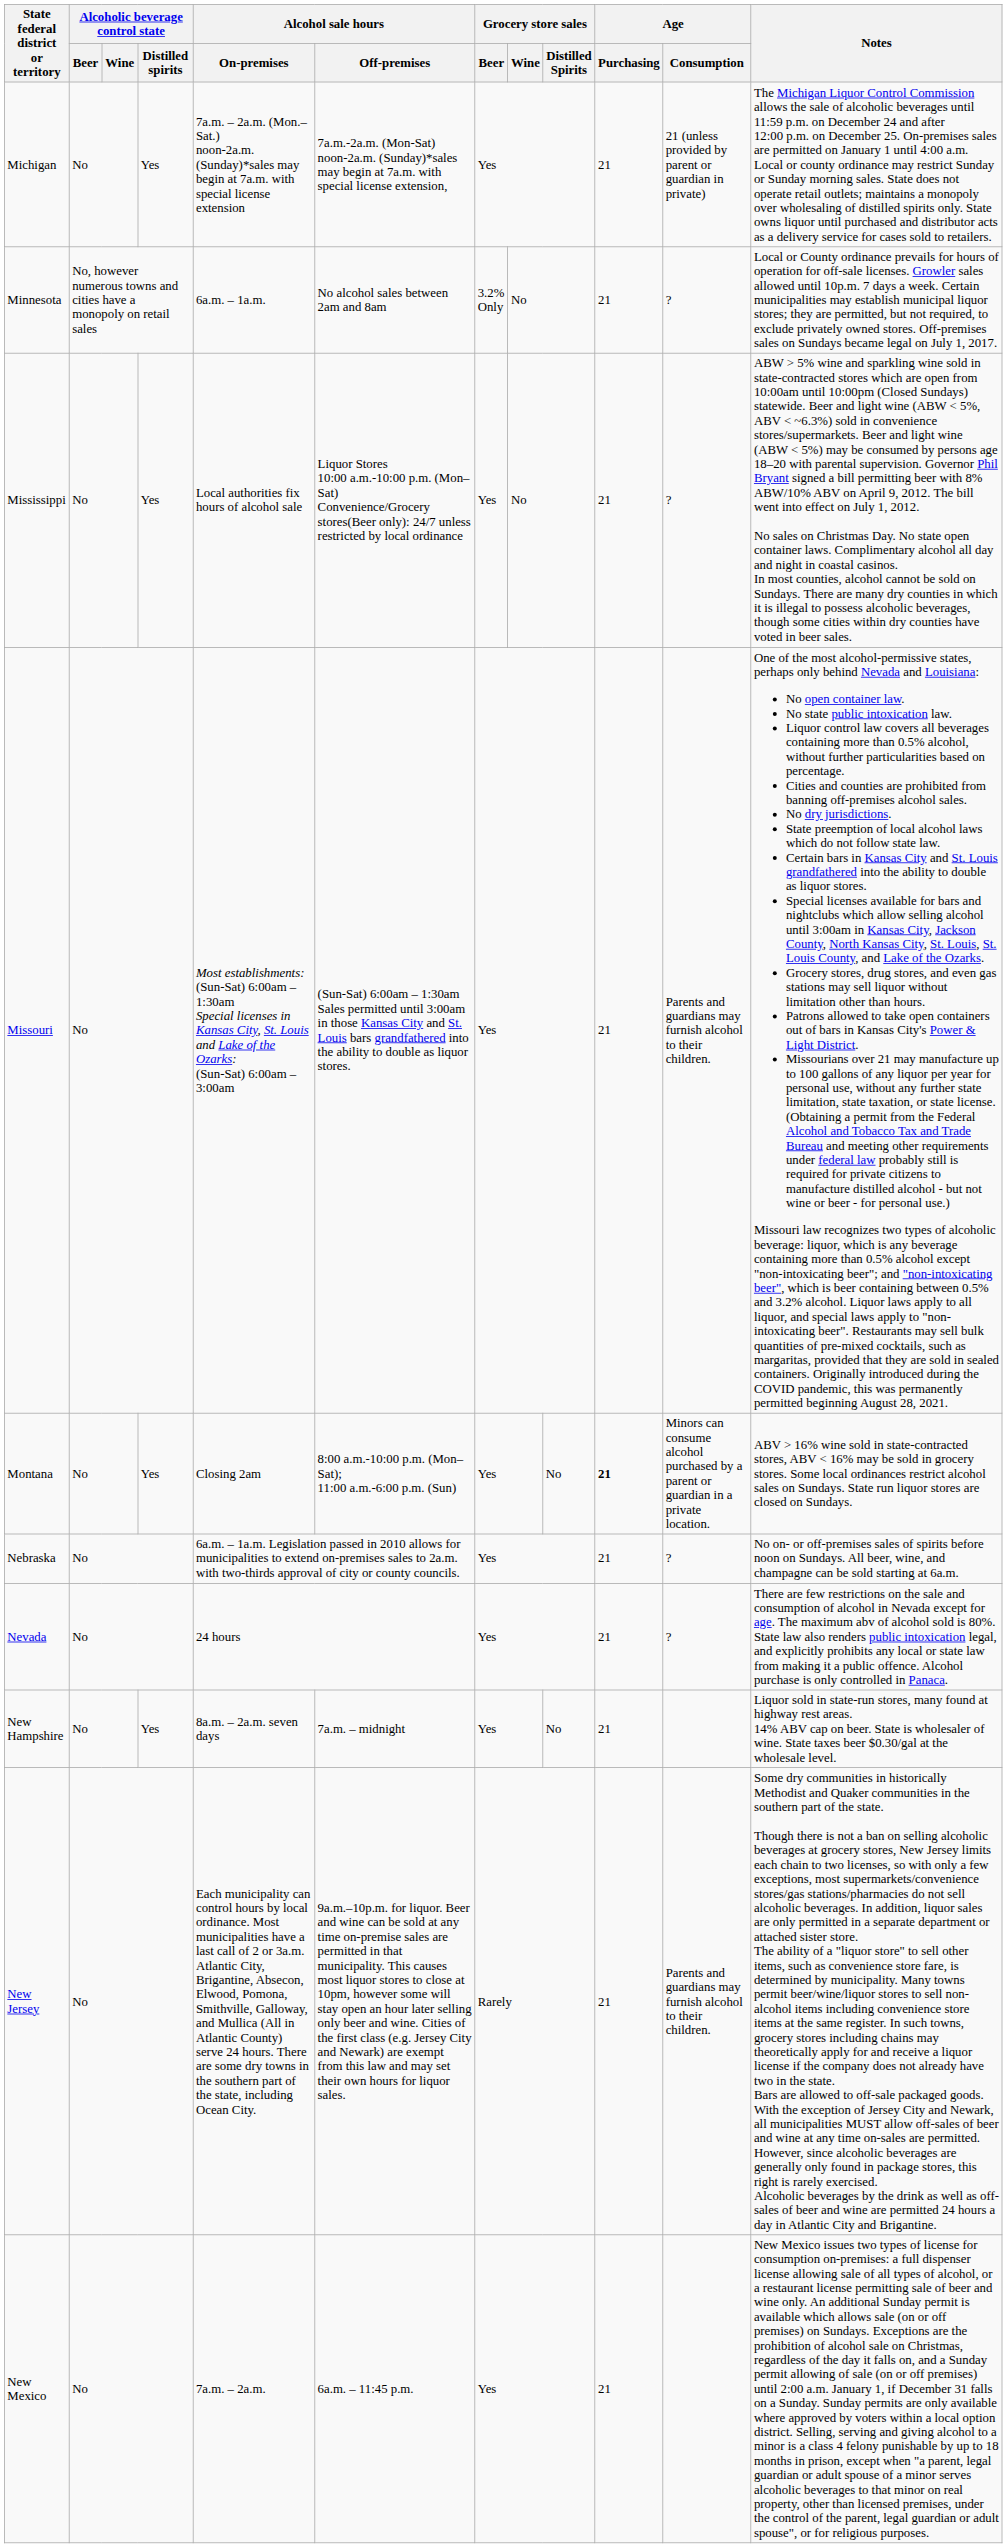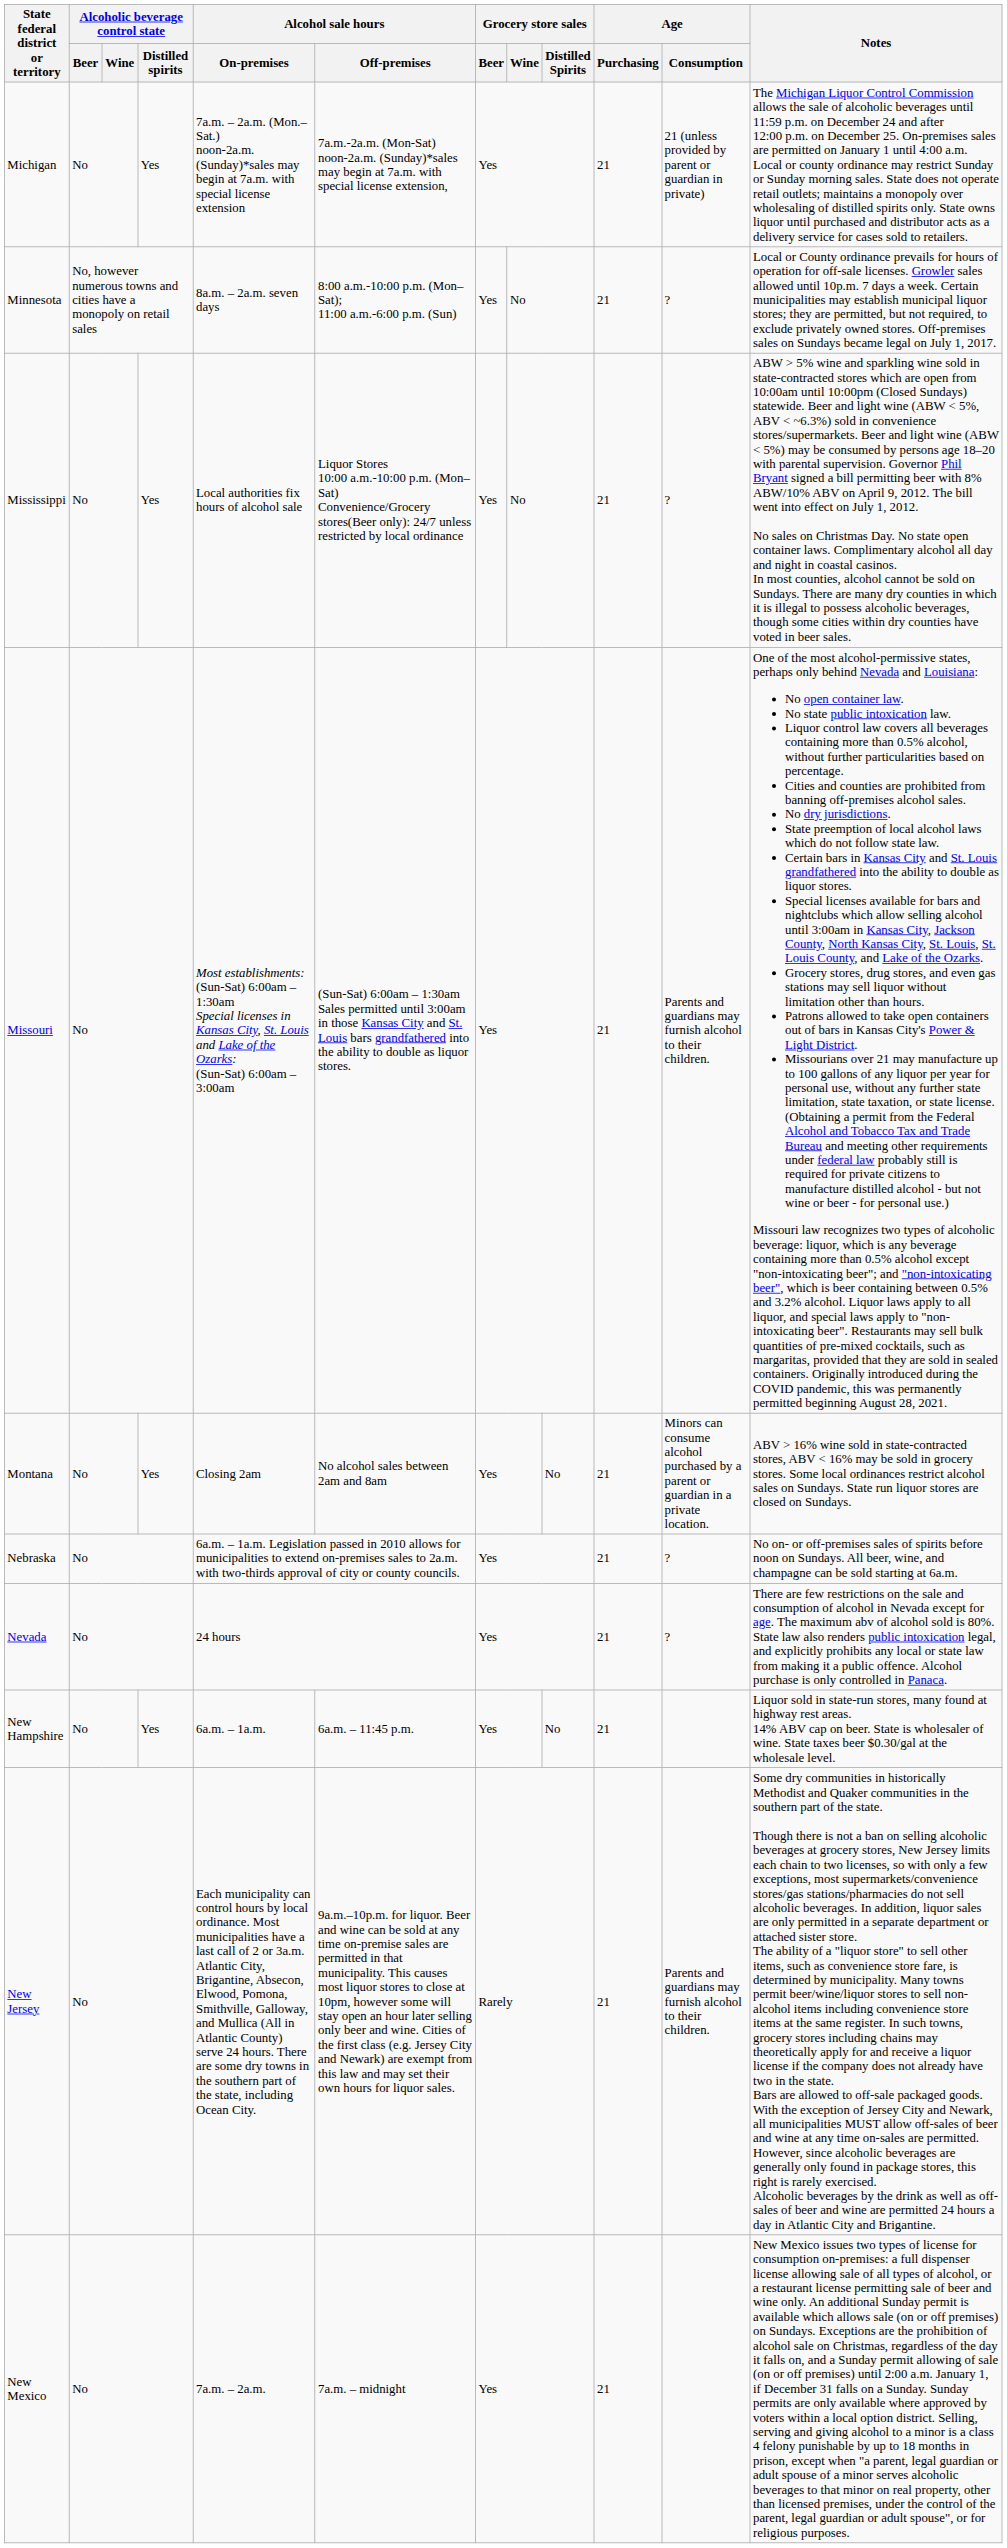 <table class="wikitable sortable sticky-header-multi sort-under">
 <tr>
 <th rowspan="2">State<br>federal district<br> or territory</th>
 <th colspan="3"><a href='#'>Alcoholic beverage control state</a></th>
 <th colspan="2">Alcohol sale hours</th>
 <th colspan="3">Grocery store sales</th>
 <th colspan="2">Age</th>
 <th rowspan="2" class="unsortable">Notes</th>
 </tr>
 <tr>
 <th>Beer</th>
 <th>Wine</th>
 <th>Distilled spirits</th>
 <th>On-premises</th>
 <th>Off-premises</th>
 <th>Beer</th>
 <th>Wine</th>
 <th>Distilled Spirits</th>
 <th>Purchasing</th>
 <th>Consumption</th>
 </tr>
 <tr>
 <td>Michigan</td>
 <td colspan="2">No</td>
 <td>Yes</td>
 <td>7a.m. – 2a.m. (Mon.–Sat.)<br>noon-2a.m. (Sunday)*sales may begin at 7a.m. with special license extension</td>
 <td>7a.m.-2a.m. (Mon-Sat)<br>noon-2a.m. (Sunday)*sales may begin at 7a.m. with special license extension,<br></td>
 <td colspan="3">Yes</td>
 <td>21</td>
 <td>21 (unless provided by parent or guardian in private)</td>
 <td>The <a href='#'>Michigan Liquor Control Commission</a> allows the sale of alcoholic beverages until 11:59 p.m. on December 24 and after 12:00 p.m. on December 25. On-premises sales are permitted on January 1 until 4:00 a.m. Local or county ordinance may restrict Sunday or Sunday morning sales. State does not operate retail outlets; maintains a monopoly over wholesaling of distilled spirits only. State owns liquor until purchased and distributor acts as a delivery service for cases sold to retailers.</td>
 </tr>
 <tr>
 <td>Minnesota</td>
 <td colspan="3">No, however numerous towns and cities have a monopoly on retail sales</td>
-<td>6a.m. – 1a.m.</td>
-<td>No alcohol sales between 2am and 8am</td>
-<td>3.2% Only</td>
+<td>8a.m. – 2a.m. seven days</td>
+<td>8:00 a.m.-10:00 p.m. (Mon–Sat);<br>11:00 a.m.-6:00 p.m. (Sun)</td>
+<td>Yes</td>
 <td colspan="2">No</td>
 <td>21</td>
 <td>?</td>
 <td>Local or County ordinance prevails for hours of operation for off-sale licenses. <a href='#'>Growler</a> sales allowed until 10p.m. 7 days a week. Certain municipalities may establish municipal liquor stores; they are permitted, but not required, to exclude privately owned stores. Off-premises sales on Sundays became legal on July 1, 2017.</td>
 </tr>
 <tr>
 <td>Mississippi</td>
 <td colspan="2">No</td>
 <td>Yes</td>
 <td>Local authorities fix hours of alcohol sale</td>
 <td>Liquor Stores 10:00 a.m.-10:00 p.m. (Mon–Sat)<br>Convenience/Grocery stores(Beer only): 24/7 unless restricted by local ordinance </td>
 <td>Yes</td>
 <td colspan="2">No</td>
 <td>21</td>
 <td>?</td>
 <td>ABW > 5% wine and sparkling wine sold in state-contracted stores which are open from 10:00am until 10:00pm (Closed Sundays) statewide. Beer and light wine (ABW < 5%, ABV < ~6.3%) sold in convenience stores/supermarkets. Beer and light wine (ABW < 5%) may be consumed by persons age 18–20 with parental supervision. Governor <a href='#'>Phil Bryant</a> signed a bill permitting beer with 8% ABW/10% ABV on April 9, 2012.  The bill went into effect on July 1, 2012.<br><br>No sales on Christmas Day. No state open container laws. Complimentary alcohol  all day and night in coastal casinos.<br>In most counties, alcohol cannot be sold on Sundays. There are many dry counties in which it is illegal to possess alcoholic beverages, though some cities within dry counties have voted in beer sales.</td>
 </tr>
 <tr>
 <td><a href='#'>Missouri</a></td>
 <td colspan="3">No</td>
 <td><em>Most establishments:</em><br>(Sun-Sat) 6:00am – 1:30am<br><em>Special licenses in <a href='#'>Kansas City</a>, <a href='#'>St. Louis</a> and <a href='#'>Lake of the Ozarks</a>:</em><br>(Sun-Sat) 6:00am – 3:00am </td>
 <td>(Sun-Sat) 6:00am – 1:30am <br>Sales permitted until 3:00am in those <a href='#'>Kansas City</a> and <a href='#'>St. Louis</a> bars <a href='#'>grandfathered</a> into the ability to double as liquor stores.</td>
 <td colspan="3">Yes</td>
 <td>21</td>
 <td>Parents and guardians may furnish alcohol to their children.</td>
 <td>One of the most alcohol-permissive states, perhaps only behind <a href='#'>Nevada</a> and <a href='#'>Louisiana</a>:<br><ul><li>No <a href='#'>open container law</a>.</li><li>No state <a href='#'>public intoxication</a> law.</li><li>Liquor control law covers all beverages containing more than 0.5% alcohol, without further particularities based on percentage.</li><li>Cities and counties are prohibited from banning off-premises alcohol sales.</li><li>No <a href='#'>dry jurisdictions</a>.</li><li>State preemption of local alcohol laws which do not follow state law.</li><li>Certain bars in <a href='#'>Kansas City</a> and <a href='#'>St. Louis</a> <a href='#'>grandfathered</a> into the ability to double as liquor stores.</li><li>Special licenses available for bars and nightclubs which allow selling alcohol until 3:00am in <a href='#'>Kansas City</a>, <a href='#'>Jackson County</a>, <a href='#'>North Kansas City</a>, <a href='#'>St. Louis</a>, <a href='#'>St. Louis County</a>, and <a href='#'>Lake of the Ozarks</a>.</li><li>Grocery stores, drug stores, and even gas stations may sell liquor without limitation other than hours.</li><li>Patrons allowed to take open containers out of bars in Kansas City's <a href='#'>Power & Light District</a>.</li><li>Missourians over 21 may manufacture up to 100 gallons of any liquor per year for personal use, without any further state limitation, state taxation, or state license. (Obtaining a permit from the Federal <a href='#'>Alcohol and Tobacco Tax and Trade Bureau</a> and meeting other requirements under <a href='#'>federal law</a> probably still is required for private citizens to manufacture distilled alcohol - but not wine or beer - for personal use.)</li></ul>Missouri law recognizes two types of alcoholic beverage: liquor, which is any beverage containing more than 0.5% alcohol except "non-intoxicating beer"; and <a href='#'>"non-intoxicating beer"</a>, which is beer containing between 0.5% and 3.2% alcohol.  Liquor laws apply to all liquor, and special laws apply to "non-intoxicating beer". Restaurants may sell bulk quantities of pre-mixed cocktails, such as margaritas, provided that they are sold in sealed containers. Originally introduced during the COVID pandemic, this was permanently permitted beginning August 28, 2021.</td>
 </tr>
 <tr>
 <td>Montana</td>
 <td colspan="2">No</td>
 <td>Yes</td>
 <td>Closing 2am</td>
-<td>8:00 a.m.-10:00 p.m. (Mon–Sat);<br>11:00 a.m.-6:00 p.m. (Sun)</td>
+<td>No alcohol sales between 2am and 8am</td>
 <td colspan="2">Yes</td>
 <td>No</td>
-<td><strong>21</strong></td>
+<td>21</td>
 <td>Minors can consume alcohol purchased by a parent or guardian in a private location.</td>
 <td>ABV > 16% wine sold in state-contracted stores, ABV < 16% may be sold in grocery stores. Some local ordinances restrict alcohol sales on Sundays. State run liquor stores are closed on Sundays.</td>
 </tr>
 <tr>
 <td>Nebraska</td>
 <td colspan="3">No</td>
 <td colspan="2">6a.m. – 1a.m.  Legislation passed in 2010 allows for municipalities to extend on-premises sales to 2a.m. with two-thirds approval of city or county councils.</td>
 <td colspan="3">Yes</td>
 <td>21</td>
 <td>?</td>
 <td>No on- or off-premises sales of spirits before noon on Sundays. All beer, wine, and champagne can be sold starting at 6a.m.</td>
 </tr>
 <tr>
 <td><a href='#'>Nevada</a></td>
 <td colspan="3">No</td>
 <td colspan="2">24 hours</td>
 <td colspan="3">Yes</td>
 <td>21</td>
 <td>?</td>
 <td>There are few restrictions on the sale and consumption of alcohol in Nevada except for <a href='#'>age</a>. The maximum abv of alcohol sold is 80%.<br>State law also renders <a href='#'>public intoxication</a> legal, and explicitly prohibits any local or state law from making it a public offence. Alcohol purchase is only controlled in <a href='#'>Panaca</a>.</td>
 </tr>
 <tr>
 <td>New Hampshire</td>
 <td colspan="2">No</td>
 <td>Yes</td>
-<td>8a.m. – 2a.m. seven days</td>
-<td>7a.m. – midnight</td>
+<td>6a.m. – 1a.m.</td>
+<td>6a.m. – 11:45 p.m.</td>
 <td colspan="2">Yes</td>
 <td>No</td>
 <td>21</td>
 <td></td>
 <td>Liquor sold in state-run stores, many found at highway rest areas.<br>14% ABV cap on beer.  State is wholesaler of wine. State taxes beer $0.30/gal at the wholesale level.</td>
 </tr>
 <tr>
 <td><a href='#'>New Jersey</a></td>
 <td colspan="3">No</td>
 <td>Each municipality can control hours by local ordinance.  Most municipalities have a last call of 2 or 3a.m. Atlantic City, Brigantine, Absecon, Elwood, Pomona, Smithville, Galloway, and Mullica (All in Atlantic County) serve 24 hours. There are some dry towns in the southern part of the state, including Ocean City.</td>
 <td>9a.m.–10p.m. for liquor. Beer and wine can be sold at any time  on-premise sales are permitted in that municipality. This causes most liquor stores to close at 10pm, however some will stay open an hour later selling only beer and wine. Cities of the first class (e.g. Jersey City and Newark) are exempt from this law and may set their own hours for liquor sales.</td>
 <td colspan="3">Rarely</td>
 <td>21</td>
 <td>Parents and guardians may furnish alcohol to their children.</td>
 <td>Some dry communities in historically Methodist and Quaker communities in the southern part of the state.<br><br>Though there is not a ban on selling alcoholic beverages at grocery stores,  New Jersey limits each chain to two licenses, so with only a few exceptions, most supermarkets/convenience stores/gas stations/pharmacies do not sell alcoholic beverages. In addition, liquor sales are only permitted in a separate department or attached sister store.<br> The ability of a "liquor store" to sell other items, such as convenience store fare, is determined by municipality. Many towns permit beer/wine/liquor stores to sell non-alcohol items including convenience store items at the same register. In such towns, grocery stores including chains may theoretically apply for and receive a liquor license if the company does not already have two in the state.<br> Bars are allowed to off-sale packaged goods.<br> With the exception of Jersey City and Newark, all municipalities MUST allow off-sales of beer and wine at any time on-sales are permitted. However, since alcoholic beverages are generally only found in package stores, this right is rarely exercised.<br> Alcoholic beverages by the drink as well as off-sales of beer and wine are permitted 24 hours a day in Atlantic City and Brigantine.<br></td>
 </tr>
 <tr>
 <td>New Mexico</td>
 <td colspan="3">No</td>
 <td>7a.m. – 2a.m.</td>
-<td>6a.m. – 11:45 p.m.</td>
+<td>7a.m. – midnight</td>
 <td colspan="3">Yes</td>
 <td>21</td>
 <td></td>
 <td>New Mexico issues two types of license for consumption on-premises: a full dispenser license allowing sale of all types of alcohol, or a restaurant license permitting sale of beer and wine only. An additional Sunday permit is available which allows sale (on or off premises) on Sundays. Exceptions are the prohibition of alcohol sale on Christmas, regardless of the day it falls on, and a Sunday permit allowing of sale (on or off premises) until 2:00 a.m. January 1, if December 31 falls on a Sunday. Sunday permits are only available where approved by voters within a local option district.  Selling, serving and giving alcohol to a minor is a class 4 felony punishable by up to 18 months in prison, except when "a parent, legal guardian or adult spouse of a minor serves alcoholic beverages to that minor on real property, other than licensed premises, under the control of the parent, legal guardian or adult spouse", or for religious purposes.</td>
 </tr>
 </table>
